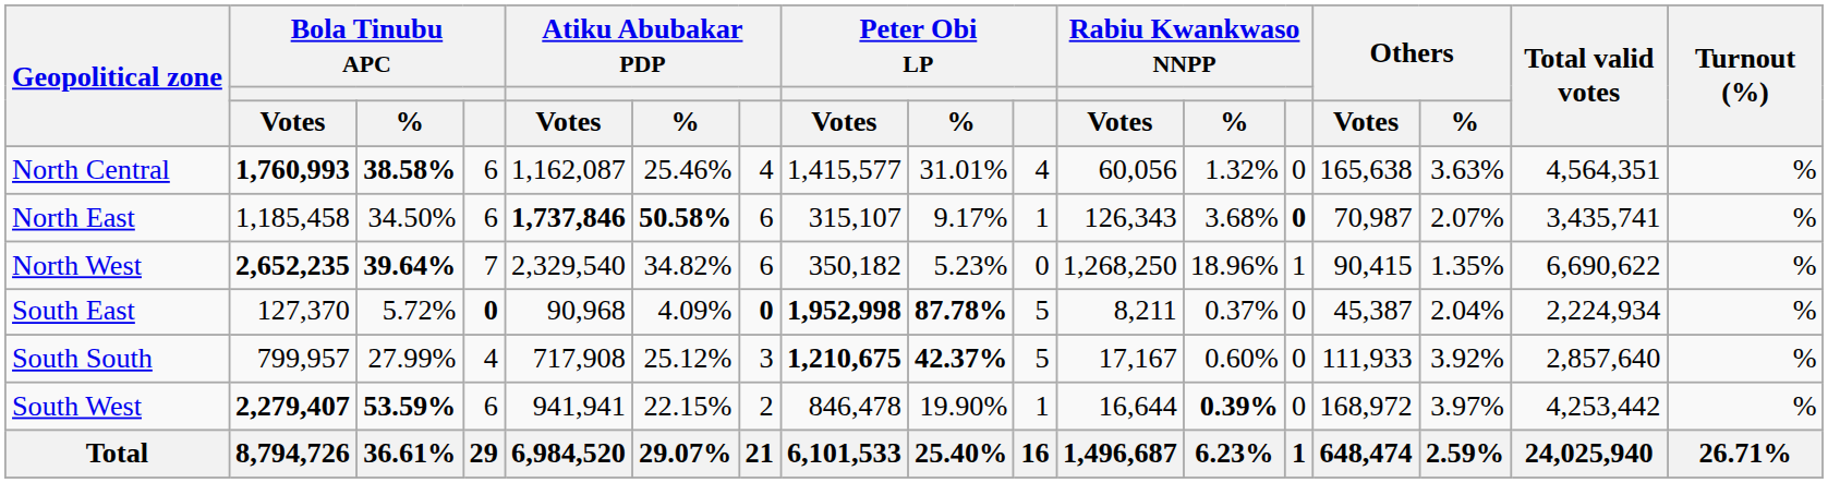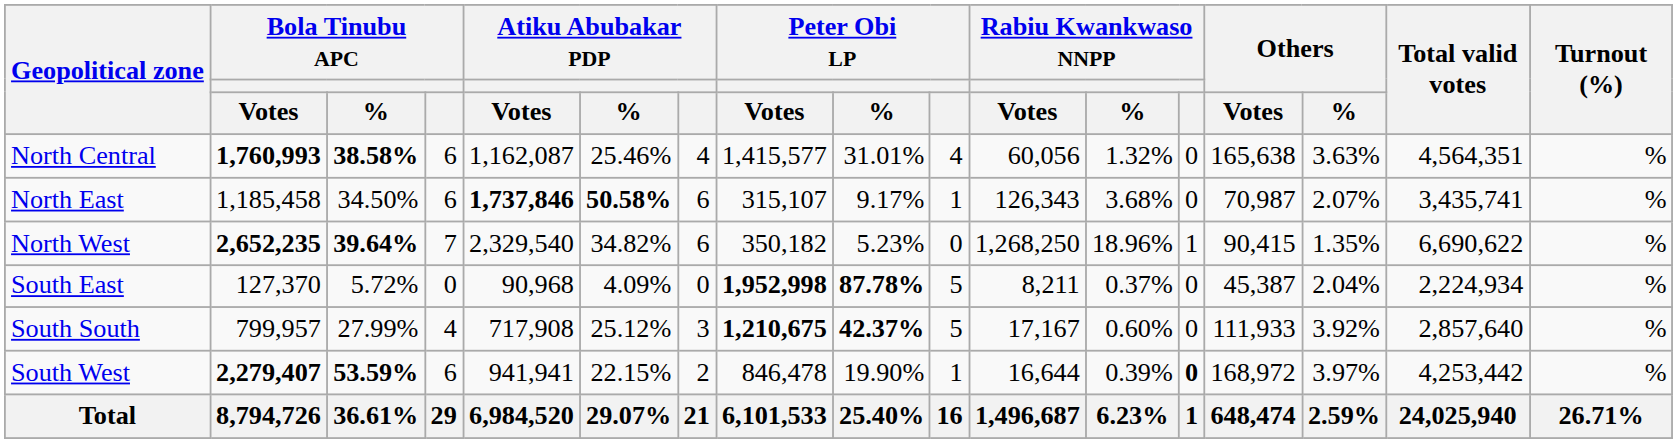 <table class="wikitable sortable" style="text-align:right; font-size:90%">
 <tr>
 <th rowspan="3" style="max-width:7.5em;"><a href='#'>Geopolitical zone</a></th>
 <th colspan="3"><a href='#'>Bola Tinubu</a><br><small>APC</small></th>
 <th colspan="3"><a href='#'>Atiku Abubakar</a><br><small>PDP</small></th>
 <th colspan="3"><a href='#'>Peter Obi</a><br><small>LP</small></th>
 <th colspan="3"><a href='#'>Rabiu Kwankwaso</a><br><small>NNPP</small></th>
 <th colspan="2" rowspan="2">Others</th>
 <th rowspan="3" style="max-width:5em;">Total valid votes</th>
 <th rowspan="3" style="max-width:5em;">Turnout (%)</th>
 </tr>
 <tr>
 <th colspan=3 style="background-color:"></th>
 <th colspan=3 style="background-color:"></th>
 <th colspan=3 style="background-color:"></th>
 <th colspan=3 style="background-color:"></th>
 </tr>
 <tr>
 <th>Votes</th>
 <th>%</th>
 <th></th>
 <th>Votes</th>
 <th>%</th>
 <th></th>
 <th>Votes</th>
 <th>%</th>
 <th></th>
 <th>Votes</th>
 <th>%</th>
 <th></th>
 <th>Votes</th>
 <th>%</th>
 </tr>
 <tr style="background-color:#">
 <td style="text-align:left;"><a href='#'>North Central</a></td>
 <td><strong>1,760,993</strong></td>
 <td><strong>38.58%</strong></td>
 <td>6</td>
 <td>1,162,087</td>
 <td>25.46%</td>
 <td>4</td>
 <td>1,415,577</td>
 <td>31.01%</td>
 <td>4</td>
 <td>60,056</td>
 <td>1.32%</td>
 <td>0</td>
 <td>165,638</td>
 <td>3.63%</td>
 <td>4,564,351</td>
 <td>%</td>
 </tr>
 <tr style="background-color:#">
 <td style="text-align:left;"><a href='#'>North East</a></td>
 <td>1,185,458</td>
 <td>34.50%</td>
 <td>6</td>
 <td><strong>1,737,846</strong></td>
 <td><strong>50.58%</strong></td>
 <td>6</td>
 <td>315,107</td>
 <td>9.17%</td>
 <td>1</td>
 <td>126,343</td>
 <td>3.68%</td>
-<td><strong>0</strong></td>
+<td>0</td>
 <td>70,987</td>
 <td>2.07%</td>
 <td>3,435,741</td>
 <td>%</td>
 </tr>
 <tr style="background-color:#">
 <td style="text-align:left;"><a href='#'>North West</a></td>
 <td><strong>2,652,235</strong></td>
 <td><strong>39.64%</strong></td>
 <td>7</td>
 <td>2,329,540</td>
 <td>34.82%</td>
 <td>6</td>
 <td>350,182</td>
 <td>5.23%</td>
 <td>0</td>
 <td>1,268,250</td>
 <td>18.96%</td>
 <td>1</td>
 <td>90,415</td>
 <td>1.35%</td>
 <td>6,690,622</td>
 <td>%</td>
 </tr>
 <tr style="background-color:#">
 <td style="text-align:left;"><a href='#'>South East</a></td>
 <td>127,370</td>
 <td>5.72%</td>
-<td><strong>0</strong></td>
+<td>0</td>
 <td>90,968</td>
 <td>4.09%</td>
-<td><strong>0</strong></td>
+<td>0</td>
 <td><strong>1,952,998</strong></td>
 <td><strong>87.78%</strong></td>
 <td>5</td>
 <td>8,211</td>
 <td>0.37%</td>
 <td>0</td>
 <td>45,387</td>
 <td>2.04%</td>
 <td>2,224,934</td>
 <td>%</td>
 </tr>
 <tr style="background-color:#">
 <td style="text-align:left;"><a href='#'>South South</a></td>
 <td>799,957</td>
 <td>27.99%</td>
 <td>4</td>
 <td>717,908</td>
 <td>25.12%</td>
 <td>3</td>
 <td><strong>1,210,675</strong></td>
 <td><strong>42.37%</strong></td>
 <td>5</td>
 <td>17,167</td>
 <td>0.60%</td>
 <td>0</td>
 <td>111,933</td>
 <td>3.92%</td>
 <td>2,857,640</td>
 <td>%</td>
 </tr>
 <tr style="background-color:#">
 <td style="text-align:left;"><a href='#'>South West</a></td>
 <td><strong>2,279,407</strong></td>
 <td><strong>53.59%</strong></td>
 <td>6</td>
 <td>941,941</td>
 <td>22.15%</td>
 <td>2</td>
 <td>846,478</td>
 <td>19.90%</td>
 <td>1</td>
 <td>16,644</td>
-<td><strong>0.39%</strong></td>
-<td>0</td>
+<td>0.39%</td>
+<td><strong>0</strong></td>
 <td>168,972</td>
 <td>3.97%</td>
 <td>4,253,442</td>
 <td>%</td>
 </tr>
 <tr>
 <th>Total</th>
 <th>8,794,726</th>
 <th>36.61%</th>
 <th>29</th>
 <th>6,984,520</th>
 <th>29.07%</th>
 <th>21</th>
 <th>6,101,533</th>
 <th>25.40%</th>
 <th>16</th>
 <th>1,496,687</th>
 <th>6.23%</th>
 <th>1</th>
 <th>648,474</th>
 <th>2.59%</th>
 <th>24,025,940</th>
 <th>26.71%</th>
 </tr>
 </table>
